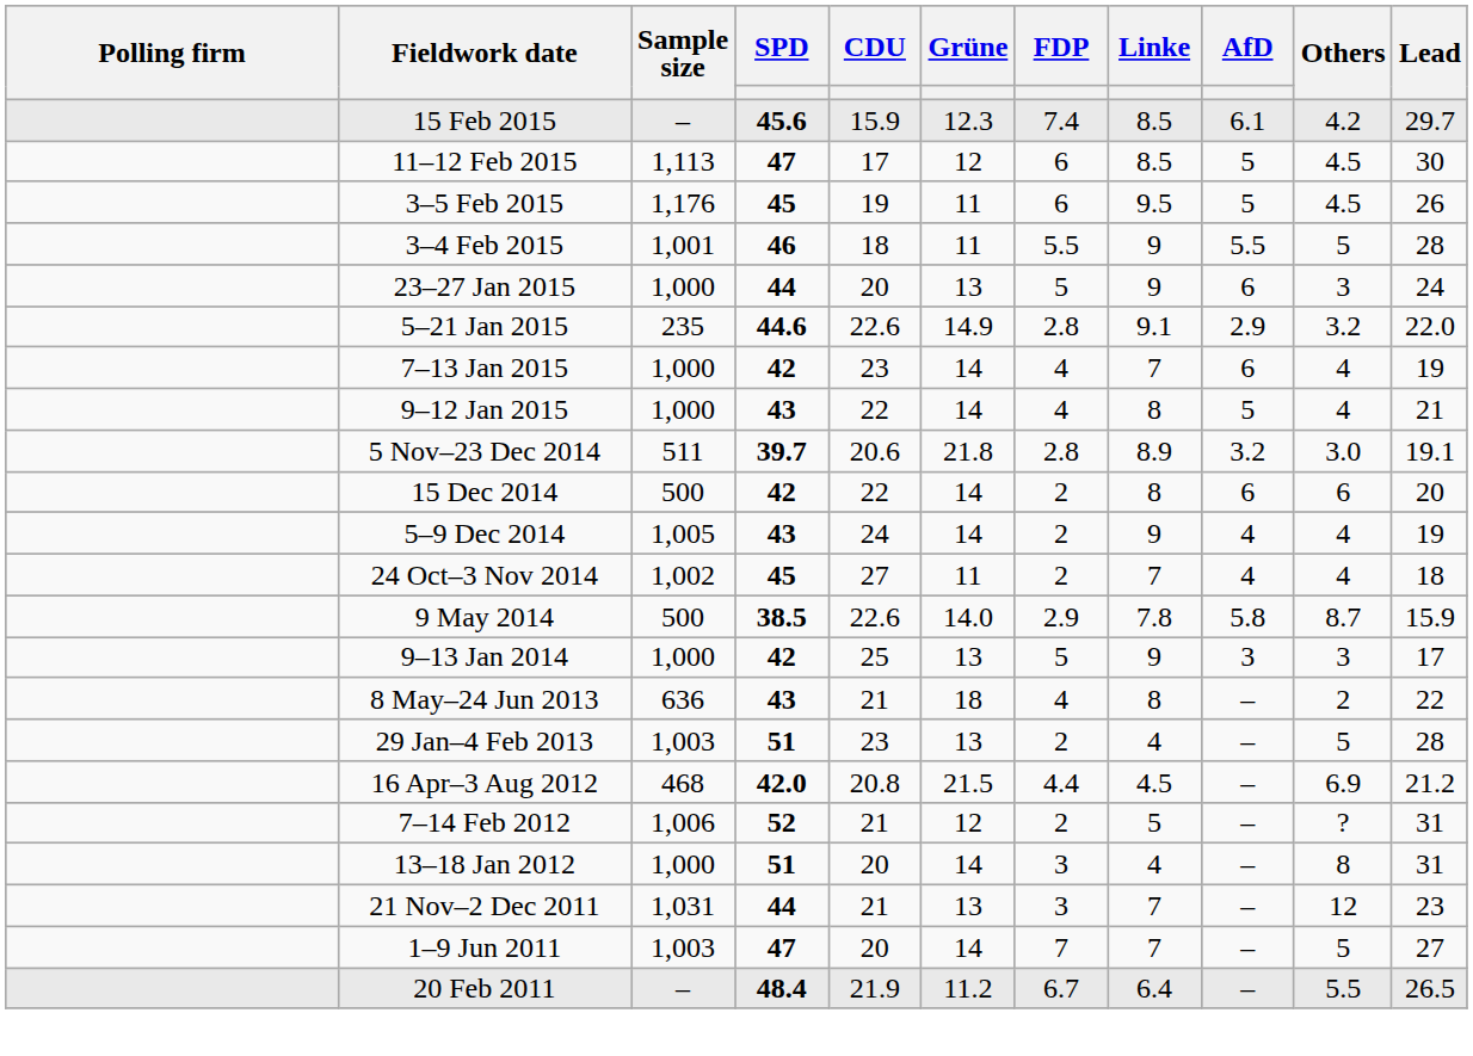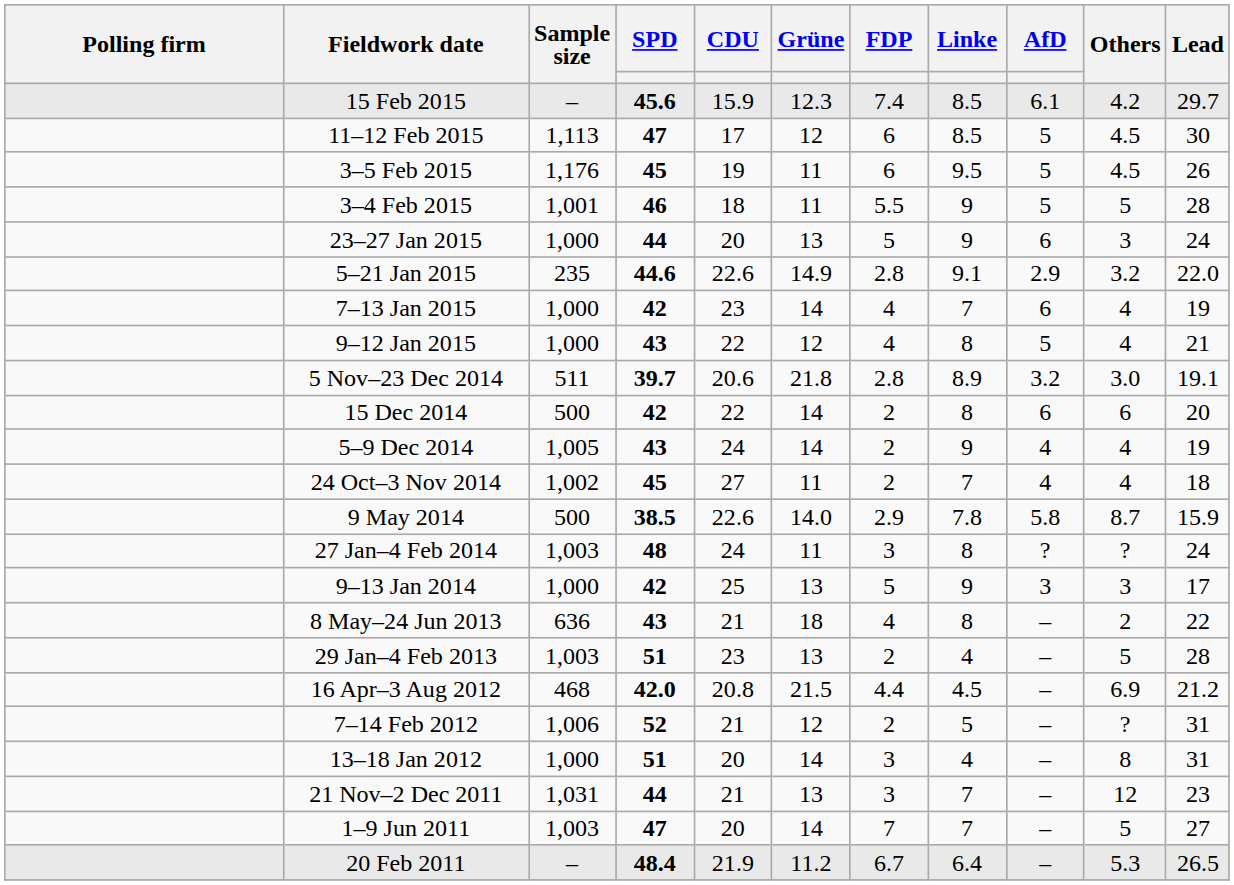 <table class="wikitable sortable" style="text-align:center;font-size:90%;line-height:14px;">
 <tr style="height:40px;">
 <th style="width:160px;" rowspan="2">Polling firm</th>
 <th style="width:140px;" rowspan="2">Fieldwork date</th>
 <th style="width:35px;" rowspan="2">Sample<br>size</th>
 <th class="unsortable" style="width:40px;"><a href='#'>SPD</a></th>
 <th class="unsortable" style="width:40px;"><a href='#'>CDU</a></th>
 <th class="unsortable" style="width:40px;"><a href='#'>Grüne</a></th>
 <th class="unsortable" style="width:40px;"><a href='#'>FDP</a></th>
 <th class="unsortable" style="width:40px;"><a href='#'>Linke</a></th>
 <th class="unsortable" style="width:40px;"><a href='#'>AfD</a></th>
 <th class="unsortable" style="width:40px;" rowspan="2">Others</th>
 <th style="width:30px;" rowspan="2">Lead</th>
 </tr>
 <tr>
 <th style="background:"></th>
 <th style="background:"></th>
 <th style="background:"></th>
 <th style="background:"></th>
 <th style="background:"></th>
 <th style="background:"></th>
 </tr>
 <tr style="background:#E9E9E9;">
 <td></td>
 <td data-sort-value="2015-02-15">15 Feb 2015</td>
 <td>–</td>
 <td><strong>45.6</strong></td>
 <td>15.9</td>
 <td>12.3</td>
 <td>7.4</td>
 <td>8.5</td>
 <td>6.1</td>
 <td>4.2</td>
 <td style="background:">29.7</td>
 </tr>
 <tr>
 <td></td>
 <td data-sort-value="2015-02-12">11–12 Feb 2015</td>
 <td>1,113</td>
 <td><strong>47</strong></td>
 <td>17</td>
 <td>12</td>
 <td>6</td>
 <td>8.5</td>
 <td>5</td>
 <td>4.5</td>
 <td style="background:">30</td>
 </tr>
 <tr>
 <td></td>
 <td data-sort-value="2015-02-06">3–5 Feb 2015</td>
 <td>1,176</td>
 <td><strong>45</strong></td>
 <td>19</td>
 <td>11</td>
 <td>6</td>
 <td>9.5</td>
 <td>5</td>
 <td>4.5</td>
 <td style="background:">26</td>
 </tr>
 <tr>
 <td></td>
 <td data-sort-value="2015-02-05">3–4 Feb 2015</td>
 <td>1,001</td>
 <td><strong>46</strong></td>
 <td>18</td>
 <td>11</td>
 <td>5.5</td>
 <td>9</td>
-<td>5.5</td>
+<td>5</td>
 <td>5</td>
 <td style="background:">28</td>
 </tr>
 <tr>
 <td></td>
 <td data-sort-value="2015-01-29">23–27 Jan 2015</td>
 <td>1,000</td>
 <td><strong>44</strong></td>
 <td>20</td>
 <td>13</td>
 <td>5</td>
 <td>9</td>
 <td>6</td>
 <td>3</td>
 <td style="background:">24</td>
 </tr>
 <tr>
 <td></td>
 <td data-sort-value="2015-02-10">5–21 Jan 2015</td>
 <td>235</td>
 <td><strong>44.6</strong></td>
 <td>22.6</td>
 <td>14.9</td>
 <td>2.8</td>
 <td>9.1</td>
 <td>2.9</td>
 <td>3.2</td>
 <td style="background:">22.0</td>
 </tr>
 <tr>
 <td></td>
 <td data-sort-value="2015-01-14">7–13 Jan 2015</td>
 <td>1,000</td>
 <td><strong>42</strong></td>
 <td>23</td>
 <td>14</td>
 <td>4</td>
 <td>7</td>
 <td>6</td>
 <td>4</td>
 <td style="background:">19</td>
 </tr>
 <tr>
 <td></td>
 <td data-sort-value="2015-01-14">9–12 Jan 2015</td>
 <td>1,000</td>
 <td><strong>43</strong></td>
 <td>22</td>
-<td>14</td>
+<td>12</td>
 <td>4</td>
 <td>8</td>
 <td>5</td>
 <td>4</td>
 <td style="background:">21</td>
 </tr>
 <tr>
 <td></td>
 <td data-sort-value="2015-02-10">5 Nov–23 Dec 2014</td>
 <td>511</td>
 <td><strong>39.7</strong></td>
 <td>20.6</td>
 <td>21.8</td>
 <td>2.8</td>
 <td>8.9</td>
 <td>3.2</td>
 <td>3.0</td>
 <td style="background:">19.1</td>
 </tr>
 <tr>
 <td></td>
 <td data-sort-value="2014-12-15">15 Dec 2014</td>
 <td>500</td>
 <td><strong>42</strong></td>
 <td>22</td>
 <td>14</td>
 <td>2</td>
 <td>8</td>
 <td>6</td>
 <td>6</td>
 <td style="background:">20</td>
 </tr>
 <tr>
 <td></td>
 <td data-sort-value="2014-12-11">5–9 Dec 2014</td>
 <td>1,005</td>
 <td><strong>43</strong></td>
 <td>24</td>
 <td>14</td>
 <td>2</td>
 <td>9</td>
 <td>4</td>
 <td>4</td>
 <td style="background:">19</td>
 </tr>
 <tr>
 <td></td>
 <td data-sort-value="2014-11-08">24 Oct–3 Nov 2014</td>
 <td>1,002</td>
 <td><strong>45</strong></td>
 <td>27</td>
 <td>11</td>
 <td>2</td>
 <td>7</td>
 <td>4</td>
 <td>4</td>
 <td style="background:">18</td>
 </tr>
 <tr>
 <td></td>
 <td data-sort-value="2014-05-09">9 May 2014</td>
 <td>500</td>
 <td><strong>38.5</strong></td>
 <td>22.6</td>
 <td>14.0</td>
 <td>2.9</td>
 <td>7.8</td>
 <td>5.8</td>
 <td>8.7</td>
 <td style="background:">15.9</td>
+</tr>
+<tr>
+<td></td>
+<td data-sort-value="2014-02-15">27 Jan–4 Feb 2014</td>
+<td>1,003</td>
+<td><strong>48</strong></td>
+<td>24</td>
+<td>11</td>
+<td>3</td>
+<td>8</td>
+<td>?</td>
+<td>?</td>
+<td style="background:">24</td>
 </tr>
 <tr>
 <td></td>
 <td data-sort-value="2014-01-15">9–13 Jan 2014</td>
 <td>1,000</td>
 <td><strong>42</strong></td>
 <td>25</td>
 <td>13</td>
 <td>5</td>
 <td>9</td>
 <td>3</td>
 <td>3</td>
 <td style="background:">17</td>
 </tr>
 <tr>
 <td></td>
 <td data-sort-value="2013-06-26">8 May–24 Jun 2013</td>
 <td>636</td>
 <td><strong>43</strong></td>
 <td>21</td>
 <td>18</td>
 <td>4</td>
 <td>8</td>
 <td>–</td>
 <td>2</td>
 <td style="background:">22</td>
 </tr>
 <tr>
 <td></td>
 <td data-sort-value="2013-02-09">29 Jan–4 Feb 2013</td>
 <td>1,003</td>
 <td><strong>51</strong></td>
 <td>23</td>
 <td>13</td>
 <td>2</td>
 <td>4</td>
 <td>–</td>
 <td>5</td>
 <td style="background:">28</td>
 </tr>
 <tr>
 <td></td>
 <td data-sort-value="2012-10-18">16 Apr–3 Aug 2012</td>
 <td>468</td>
 <td><strong>42.0</strong></td>
 <td>20.8</td>
 <td>21.5</td>
 <td>4.4</td>
 <td>4.5</td>
 <td>–</td>
 <td>6.9</td>
 <td style="background:">21.2</td>
 </tr>
 <tr>
 <td></td>
 <td data-sort-value="2012-02-19">7–14 Feb 2012</td>
 <td>1,006</td>
 <td><strong>52</strong></td>
 <td>21</td>
 <td>12</td>
 <td>2</td>
 <td>5</td>
 <td>–</td>
 <td>?</td>
 <td style="background:">31</td>
 </tr>
 <tr>
 <td></td>
 <td data-sort-value="2012-01-19">13–18 Jan 2012</td>
 <td>1,000</td>
 <td><strong>51</strong></td>
 <td>20</td>
 <td>14</td>
 <td>3</td>
 <td>4</td>
 <td>–</td>
 <td>8</td>
 <td style="background:">31</td>
 </tr>
 <tr>
 <td></td>
 <td data-sort-value="2011-12-07">21 Nov–2 Dec 2011</td>
 <td>1,031</td>
 <td><strong>44</strong></td>
 <td>21</td>
 <td>13</td>
 <td>3</td>
 <td>7</td>
 <td>–</td>
 <td>12</td>
 <td style="background:">23</td>
 </tr>
 <tr>
 <td></td>
 <td data-sort-value="2011-06-13">1–9 Jun 2011</td>
 <td>1,003</td>
 <td><strong>47</strong></td>
 <td>20</td>
 <td>14</td>
 <td>7</td>
 <td>7</td>
 <td>–</td>
 <td>5</td>
 <td style="background:">27</td>
 </tr>
 <tr style="background:#E9E9E9;">
 <td></td>
 <td data-sort-value="2011-02-20">20 Feb 2011</td>
 <td>–</td>
 <td><strong>48.4</strong></td>
 <td>21.9</td>
 <td>11.2</td>
 <td>6.7</td>
 <td>6.4</td>
 <td>–</td>
-<td>5.5</td>
+<td>5.3</td>
 <td style="background:">26.5</td>
 </tr>
 </table>
